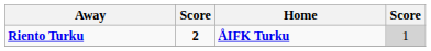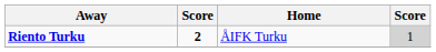 <table class="wikitable">
 <tr>
 <th width="200">Away</th>
 <th width="40">Score</th>
 <th width="200">Home</th>
 <th width="40">Score</th>
 </tr>
 <tr>
 <td><strong><a href='#'>Riento Turku</a></strong></td>
 <td align=center><strong>2</strong></td>
-<td><strong><a href='#'>ÅIFK Turku</a></strong></td>
+<td><a href='#'>ÅIFK Turku</a></td>
 <td align=center style="background: lightgrey;">1</td>
 </tr>
 <tr>
 </tr>
 </table>
